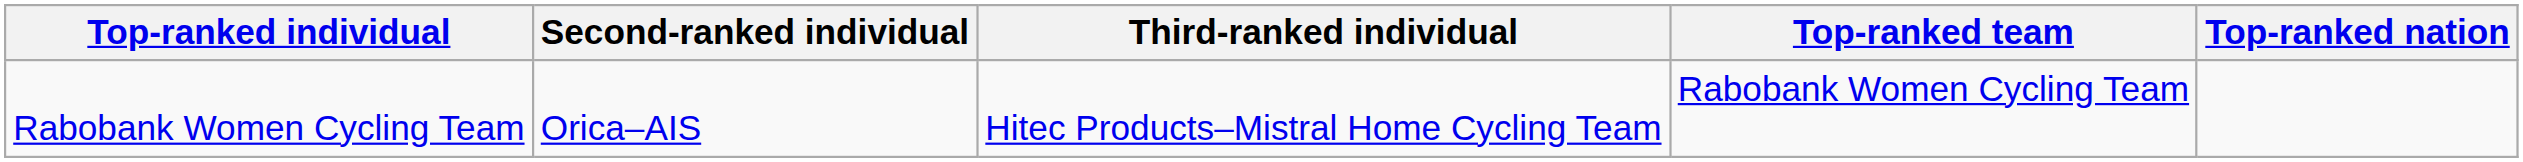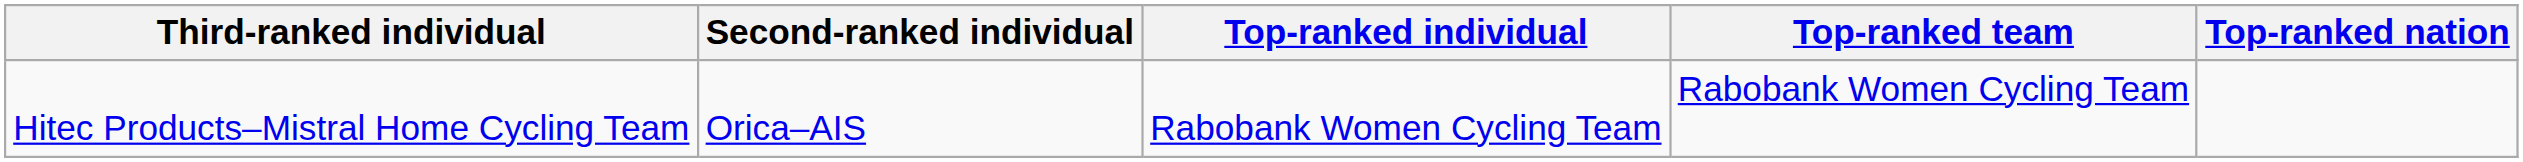 <table class="wikitable">
 <tr>
+<th>Third-ranked individual</th>
+<th>Second-ranked individual</th>
 <th><a href='#'>Top-ranked individual</a></th>
-<th>Second-ranked individual</th>
-<th>Third-ranked individual</th>
 <th><a href='#'>Top-ranked team</a></th>
 <th><a href='#'>Top-ranked nation</a></th>
 </tr>
 <tr valign="top">
+<td align=left><br><span><a href='#'>Hitec Products–Mistral Home Cycling Team</a></span></td>
+<td align=left><br><span><a href='#'>Orica–AIS</a></span></td>
 <td align=left><br><span><a href='#'>Rabobank Women Cycling Team</a></span></td>
-<td align=left><br><span><a href='#'>Orica–AIS</a></span></td>
-<td align=left><br><span><a href='#'>Hitec Products–Mistral Home Cycling Team</a></span></td>
 <td><a href='#'>Rabobank Women Cycling Team</a></td>
 <td></td>
 </tr>
 </table>
